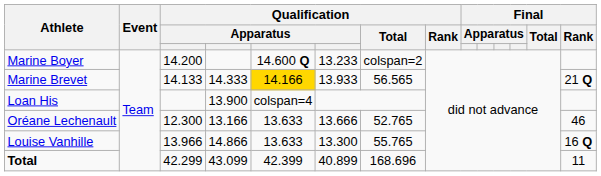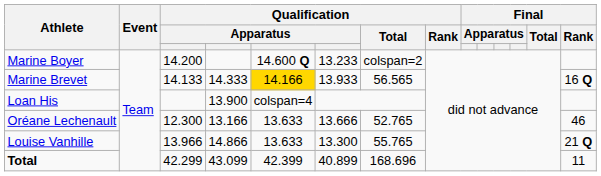 <table class="wikitable" style="font-size:90%">
 <tr>
 <th rowspan=3>Athlete</th>
 <th rowspan=3>Event</th>
 <th colspan=6>Qualification</th>
 <th colspan=6>Final</th>
 </tr>
 <tr style="font-size:95%">
 <th colspan=4>Apparatus</th>
 <th rowspan=2>Total</th>
 <th rowspan=2>Rank</th>
 <th colspan=4>Apparatus</th>
 <th rowspan=2>Total</th>
 <th rowspan=2>Rank</th>
 </tr>
 <tr style="font-size:95%">
 <th></th>
 <th></th>
 <th></th>
 <th></th>
 <th></th>
 <th></th>
 <th></th>
 <th></th>
 </tr>
 <tr align=center>
 <td align=left><a href='#'>Marine Boyer</a></td>
 <td style="text-align:left;" rowspan="6"><a href='#'>Team</a></td>
 <td>14.200</td>
 <td></td>
 <td>14.600 <strong>Q</strong></td>
 <td>13.233</td>
 <td>colspan=2 </td>
 <td rowspan=6 colspan=6>did not advance</td>
 </tr>
 <tr align=center>
 <td align=left><a href='#'>Marine Brevet</a></td>
 <td>14.133</td>
 <td>14.333</td>
 <td style="background: gold;">14.166</td>
 <td>13.933</td>
 <td>56.565</td>
-<td>21 <strong>Q</strong></td>
+<td>16 <strong>Q</strong></td>
 </tr>
 <tr align=center>
 <td align=left><a href='#'>Loan His</a></td>
 <td></td>
 <td>13.900</td>
 <td>colspan=4 </td>
 </tr>
 <tr align=center>
 <td align=left><a href='#'>Oréane Lechenault</a></td>
 <td>12.300</td>
 <td>13.166</td>
 <td>13.633</td>
 <td>13.666</td>
 <td>52.765</td>
 <td>46</td>
 </tr>
 <tr align=center>
 <td align=left><a href='#'>Louise Vanhille</a></td>
 <td>13.966</td>
 <td>14.866</td>
 <td>13.633</td>
 <td>13.300</td>
 <td>55.765</td>
-<td>16 <strong>Q</strong></td>
+<td>21 <strong>Q</strong></td>
 </tr>
 <tr align=center>
 <td align=left><strong>Total</strong></td>
 <td align=left>42.299</td>
 <td>43.099</td>
 <td>42.399</td>
 <td>40.899</td>
 <td>168.696</td>
 <td>11</td>
 </tr>
 </table>
